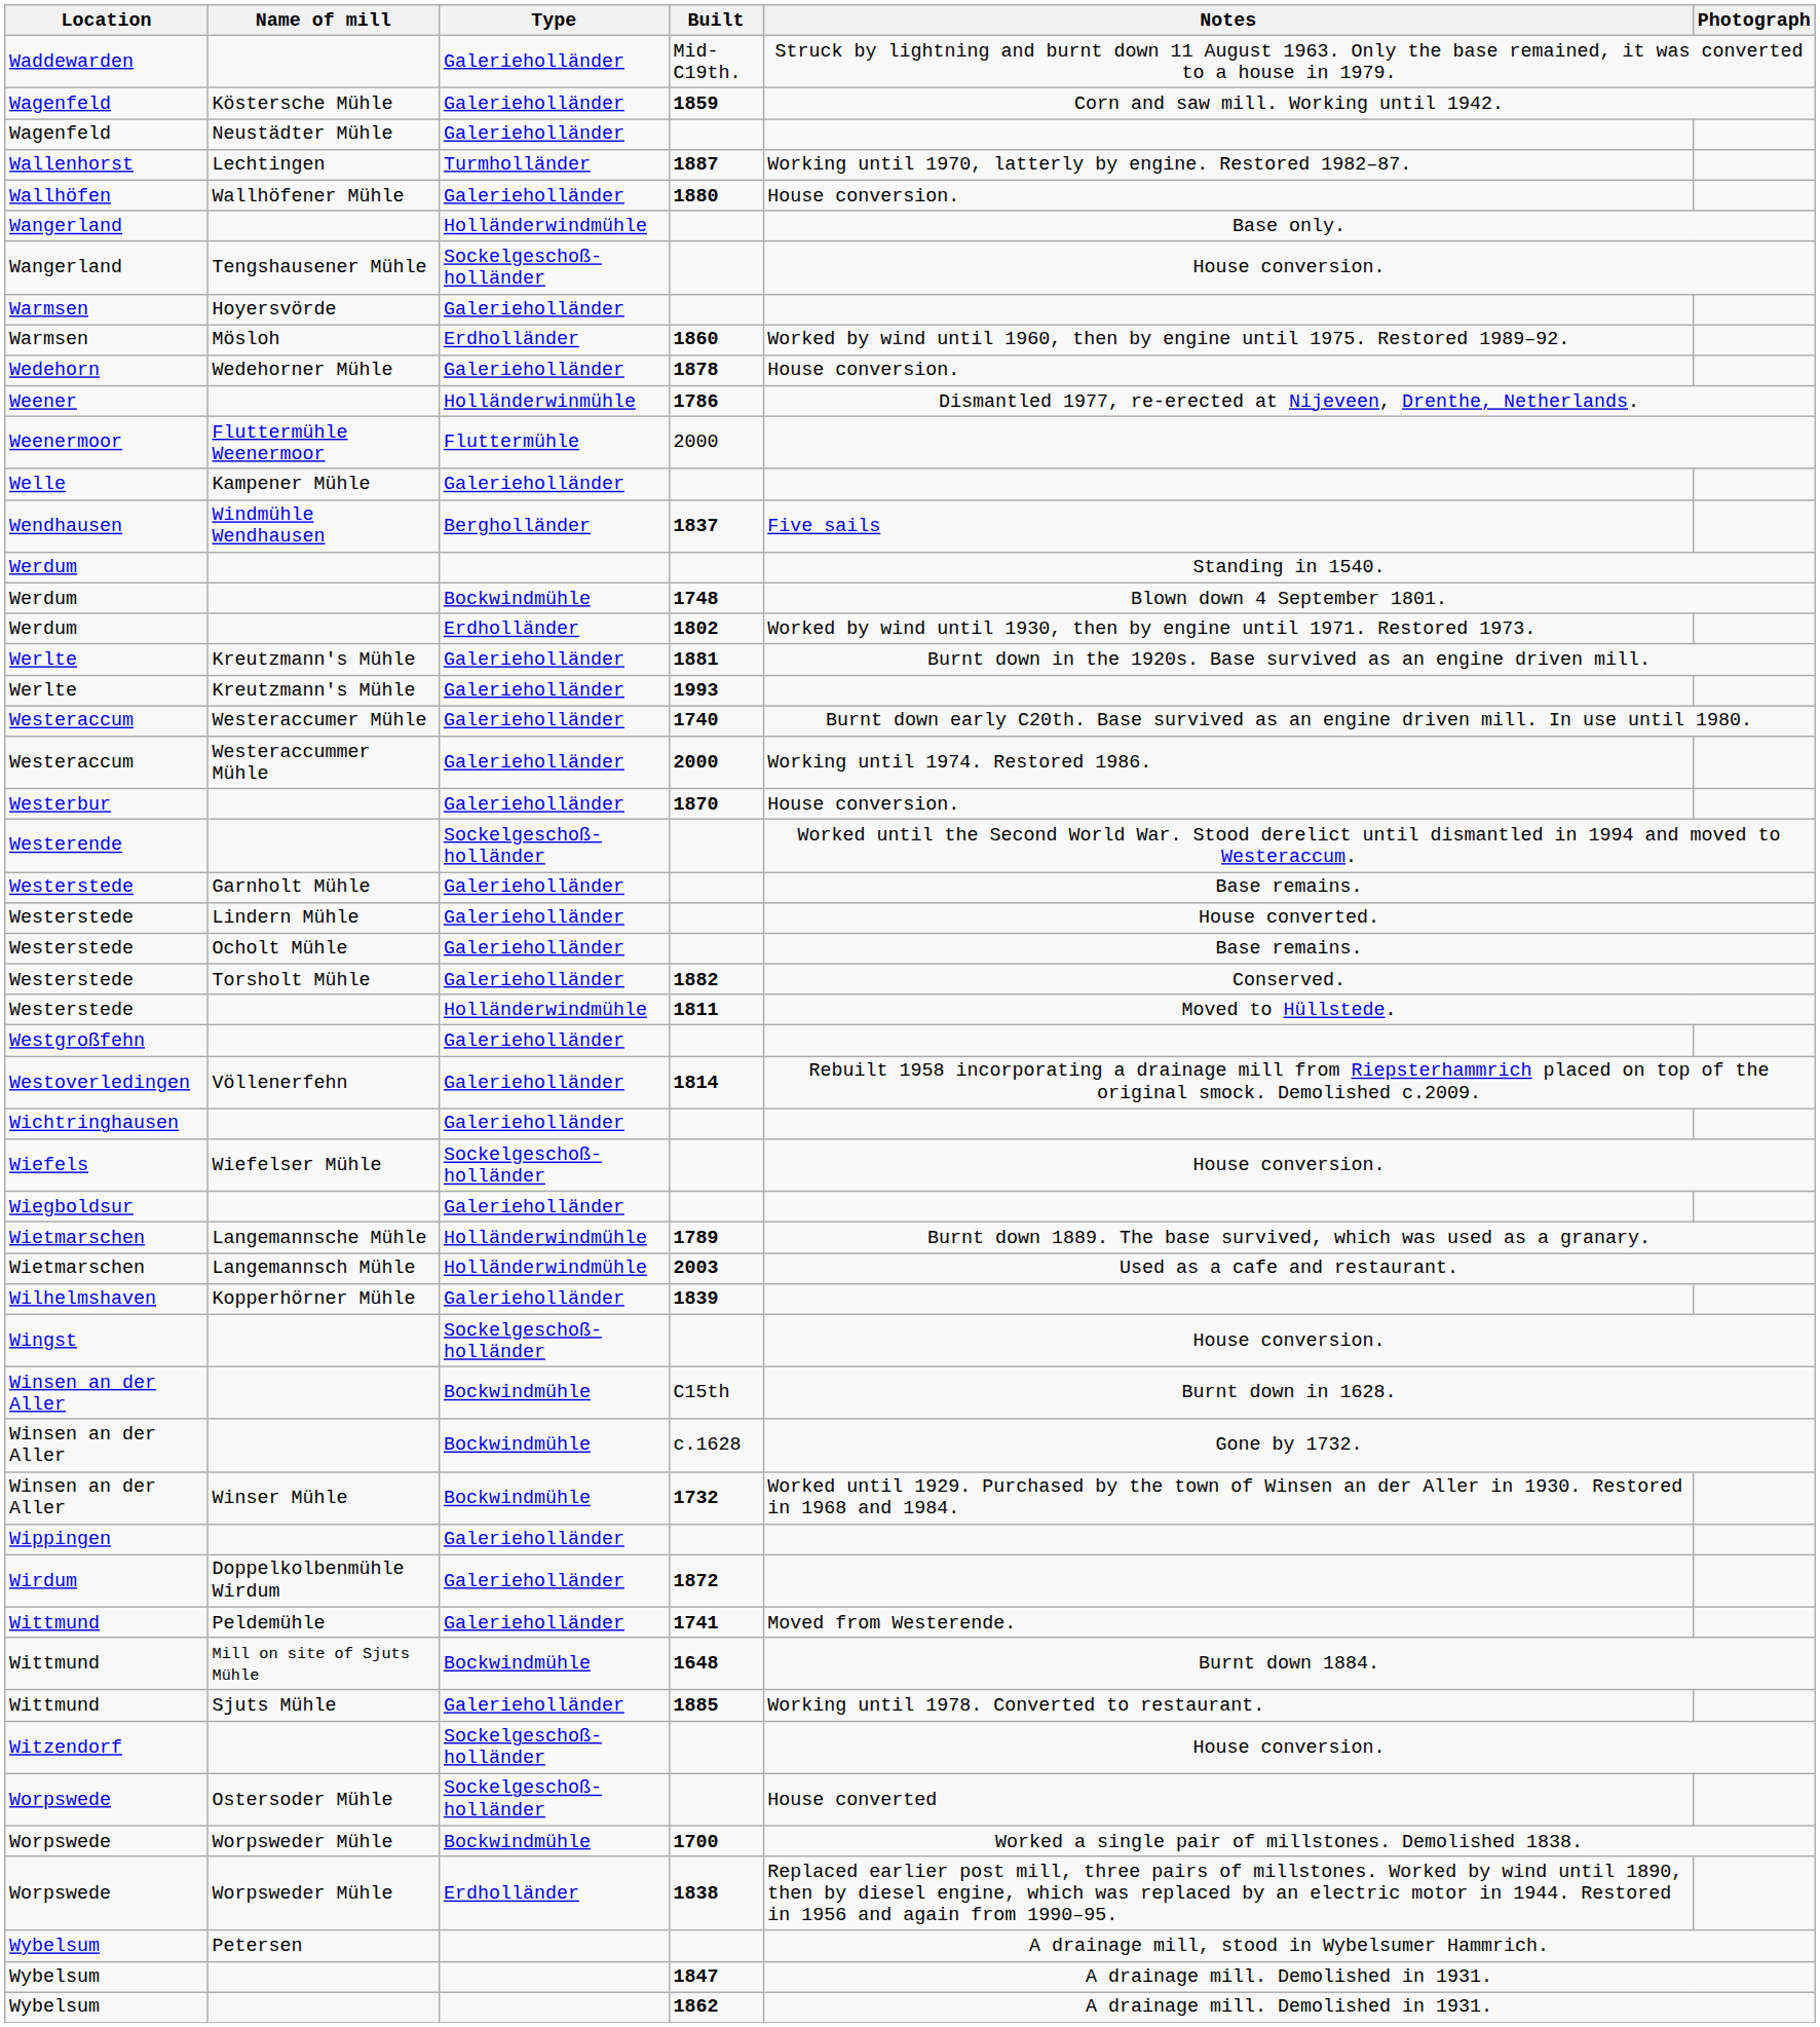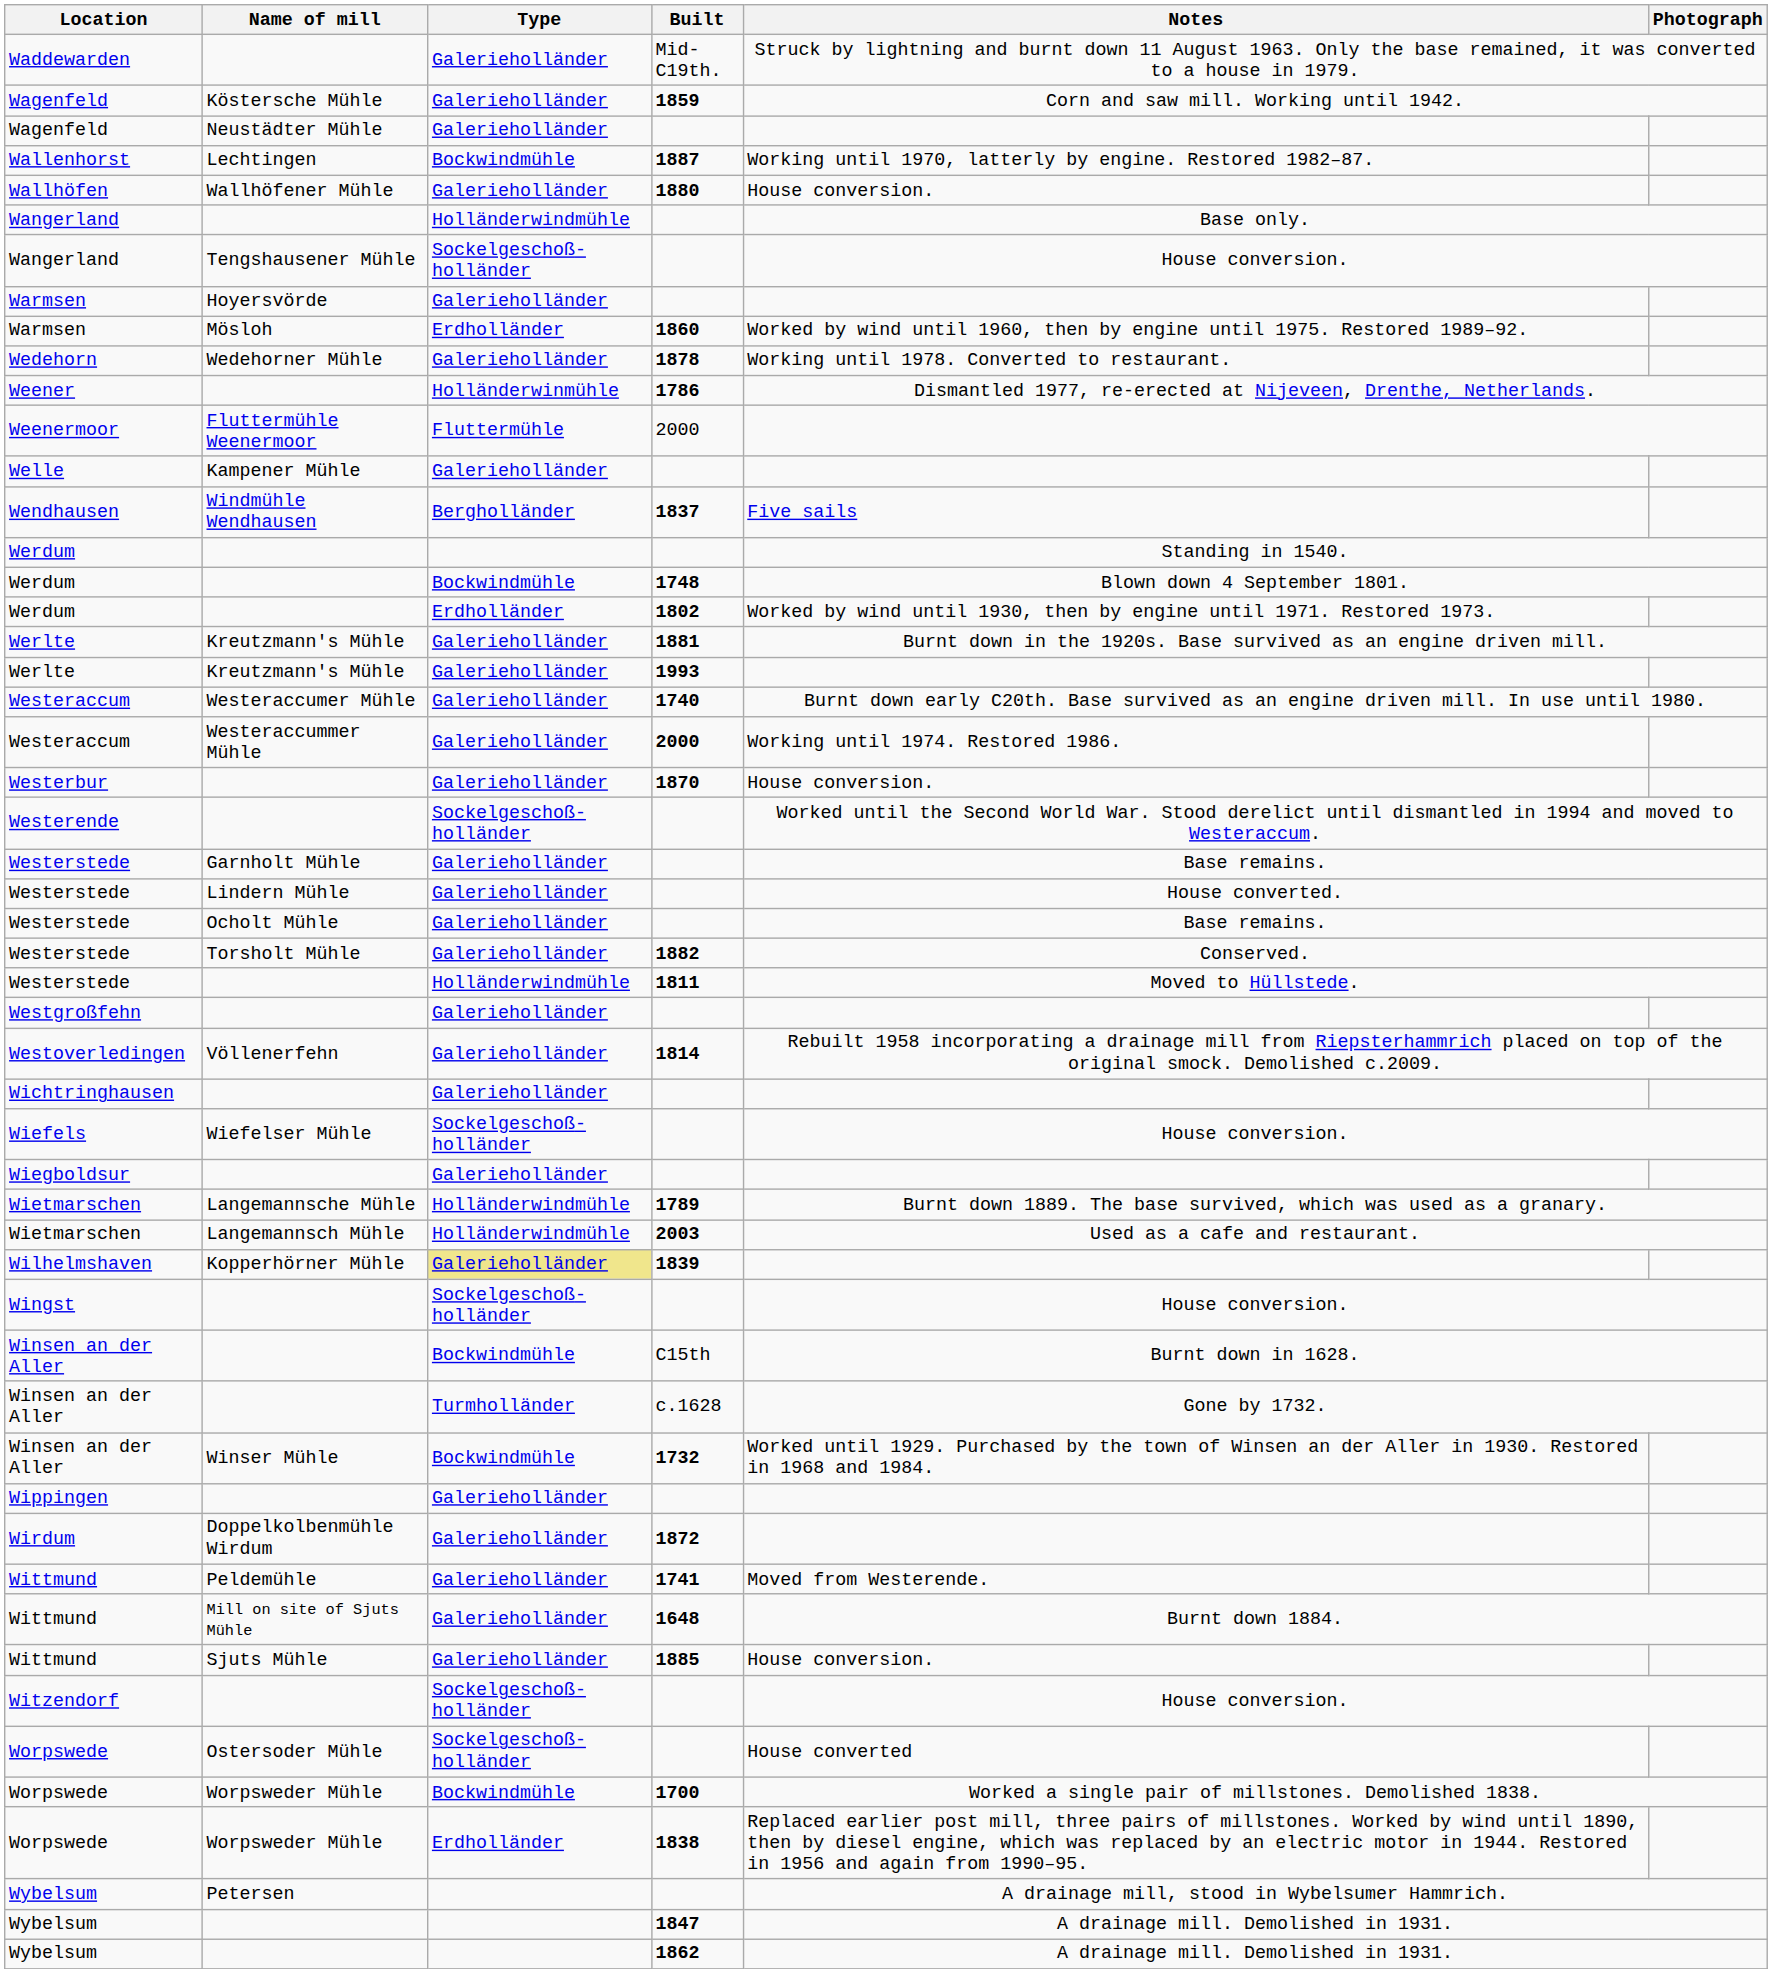 <table class="wikitable sortable">
 <tr>
 <th>Location</th>
 <th>Name of mill</th>
 <th>Type</th>
 <th>Built</th>
 <th class="unsortable">Notes</th>
 <th class="unsortable">Photograph</th>
 </tr>
 <tr>
 <td><a href='#'>Waddewarden</a></td>
 <td></td>
 <td><a href='#'>Galerieholländer</a></td>
 <td>Mid-C19th.</td>
 <td colspan="2" style="text-align:center;">Struck by lightning and burnt down 11 August 1963. Only the base remained, it was converted to a house in 1979.</td>
 </tr>
 <tr>
 <td><a href='#'>Wagenfeld</a></td>
 <td>Köstersche Mühle</td>
 <td><a href='#'>Galerieholländer</a></td>
 <td><strong>1859</strong></td>
 <td colspan="2" style="text-align:center;">Corn and saw mill. Working until 1942.</td>
 </tr>
 <tr>
 <td>Wagenfeld</td>
 <td>Neustädter Mühle</td>
 <td><a href='#'>Galerieholländer</a></td>
 <td></td>
 <td></td>
 <td></td>
 </tr>
 <tr>
 <td><a href='#'>Wallenhorst</a></td>
 <td>Lechtingen</td>
-<td><a href='#'>Turmholländer</a></td>
+<td><a href='#'>Bockwindmühle</a></td>
 <td><strong>1887</strong></td>
 <td>Working until 1970, latterly by engine. Restored 1982–87.</td>
 <td></td>
 </tr>
 <tr>
 <td><a href='#'>Wallhöfen</a></td>
 <td>Wallhöfener Mühle</td>
 <td><a href='#'>Galerieholländer</a></td>
 <td><strong>1880</strong></td>
 <td>House conversion.</td>
 <td></td>
 </tr>
 <tr>
 <td><a href='#'>Wangerland</a></td>
 <td></td>
 <td><a href='#'>Holländerwindmühle</a></td>
 <td></td>
 <td colspan="2" style="text-align:center;">Base only.</td>
 </tr>
 <tr>
 <td>Wangerland</td>
 <td>Tengshausener Mühle</td>
 <td><a href='#'>Sockelgeschoß­holländer</a></td>
 <td></td>
 <td colspan="2" style="text-align:center;">House conversion.</td>
 </tr>
 <tr>
 <td><a href='#'>Warmsen</a></td>
 <td>Hoyersvörde</td>
 <td><a href='#'>Galerieholländer</a></td>
 <td></td>
 <td></td>
 <td></td>
 </tr>
 <tr>
 <td>Warmsen</td>
 <td>Mösloh</td>
 <td><a href='#'>Erdholländer</a></td>
 <td><strong>1860</strong></td>
 <td>Worked by wind until 1960, then by engine until 1975. Restored 1989–92.</td>
 <td></td>
 </tr>
 <tr>
 <td><a href='#'>Wedehorn</a></td>
 <td>Wedehorner Mühle</td>
 <td><a href='#'>Galerieholländer</a></td>
 <td><strong>1878</strong></td>
-<td>House conversion.</td>
+<td>Working until 1978. Converted to restaurant.</td>
 <td></td>
 </tr>
 <tr>
 <td><a href='#'>Weener</a></td>
 <td></td>
 <td><a href='#'>Holländerwinmühle</a></td>
 <td><strong>1786</strong></td>
 <td colspan="2" style="text-align:center;">Dismantled 1977, re-erected at <a href='#'>Nijeveen</a>, <a href='#'>Drenthe, Netherlands</a>.</td>
 </tr>
 <tr>
 <td><a href='#'>Weenermoor</a></td>
 <td><a href='#'>Fluttermühle Weenermoor</a></td>
 <td><a href='#'>Fluttermühle</a></td>
 <td>2000</td>
 <td colspan="2" style="text-align:center;"></td>
 </tr>
 <tr>
 <td><a href='#'>Welle</a></td>
 <td>Kampener Mühle</td>
 <td><a href='#'>Galerieholländer</a></td>
 <td></td>
 <td></td>
 <td></td>
 </tr>
 <tr>
 <td><a href='#'>Wendhausen</a></td>
 <td><a href='#'>Windmühle Wendhausen</a></td>
 <td><a href='#'>Bergholländer</a></td>
 <td><strong>1837</strong></td>
 <td><a href='#'>Five sails</a></td>
 <td></td>
 </tr>
 <tr>
 <td><a href='#'>Werdum</a></td>
 <td></td>
 <td></td>
 <td></td>
 <td colspan="2" style="text-align:center;">Standing in 1540.</td>
 </tr>
 <tr>
 <td>Werdum</td>
 <td></td>
 <td><a href='#'>Bockwindmühle</a></td>
 <td><strong>1748</strong></td>
 <td colspan="2" style="text-align:center;">Blown down 4 September 1801.</td>
 </tr>
 <tr>
 <td>Werdum</td>
 <td></td>
 <td><a href='#'>Erdholländer</a></td>
 <td><strong>1802</strong></td>
 <td>Worked by wind until 1930, then by engine until 1971. Restored 1973.</td>
 <td></td>
 </tr>
 <tr>
 <td><a href='#'>Werlte</a></td>
 <td>Kreutzmann's Mühle</td>
 <td><a href='#'>Galerieholländer</a></td>
 <td><strong>1881</strong></td>
 <td colspan="2" style="text-align:center;">Burnt down in the 1920s. Base survived as an engine driven mill.</td>
 </tr>
 <tr>
 <td>Werlte</td>
 <td>Kreutzmann's Mühle</td>
 <td><a href='#'>Galerieholländer</a></td>
 <td><strong>1993</strong></td>
 <td></td>
 <td></td>
 </tr>
 <tr>
 <td><a href='#'>Westeraccum</a></td>
 <td>Westeraccumer Mühle</td>
 <td><a href='#'>Galerieholländer</a></td>
 <td><strong>1740</strong></td>
 <td colspan="2" style="text-align:center;">Burnt down early C20th. Base survived as an engine driven mill. In use until 1980.</td>
 </tr>
 <tr>
 <td>Westeraccum</td>
 <td>Westeraccummer Mühle</td>
 <td><a href='#'>Galerieholländer</a></td>
 <td><strong>2000</strong></td>
 <td>Working until 1974. Restored 1986.</td>
 <td></td>
 </tr>
 <tr>
 <td><a href='#'>Westerbur</a></td>
 <td></td>
 <td><a href='#'>Galerieholländer</a></td>
 <td><strong>1870</strong></td>
 <td>House conversion.</td>
 <td></td>
 </tr>
 <tr>
 <td><a href='#'>Westerende</a></td>
 <td></td>
 <td><a href='#'>Sockelgeschoß­holländer</a></td>
 <td></td>
 <td colspan="2" style="text-align:center;">Worked until the Second World War. Stood derelict until dismantled in 1994 and moved to <a href='#'>Westeraccum</a>.</td>
 </tr>
 <tr>
 <td><a href='#'>Westerstede</a></td>
 <td>Garnholt Mühle</td>
 <td><a href='#'>Galerieholländer</a></td>
 <td></td>
 <td colspan="2" style="text-align:center;">Base remains.</td>
 </tr>
 <tr>
 <td>Westerstede</td>
 <td>Lindern Mühle</td>
 <td><a href='#'>Galerieholländer</a></td>
 <td></td>
 <td colspan="2" style="text-align:center;">House converted.</td>
 </tr>
 <tr>
 <td>Westerstede</td>
 <td>Ocholt Mühle</td>
 <td><a href='#'>Galerieholländer</a></td>
 <td></td>
 <td colspan="2" style="text-align:center;">Base remains.</td>
 </tr>
 <tr>
 <td>Westerstede</td>
 <td>Torsholt Mühle</td>
 <td><a href='#'>Galerieholländer</a></td>
 <td><strong>1882</strong></td>
 <td colspan="2" style="text-align:center;">Conserved.</td>
 </tr>
 <tr>
 <td>Westerstede</td>
 <td></td>
 <td><a href='#'>Holländerwindmühle</a></td>
 <td><strong>1811</strong></td>
 <td colspan="2" style="text-align:center;">Moved to <a href='#'>Hüllstede</a>.</td>
 </tr>
 <tr>
 <td><a href='#'>Westgroßfehn</a></td>
 <td></td>
 <td><a href='#'>Galerieholländer</a></td>
 <td></td>
 <td></td>
 <td></td>
 </tr>
 <tr>
 <td><a href='#'>Westoverledingen</a></td>
 <td>Völlenerfehn</td>
 <td><a href='#'>Galerieholländer</a></td>
 <td><strong>1814</strong></td>
 <td colspan="2" style="text-align:center;">Rebuilt 1958 incorporating a drainage mill from <a href='#'>Riepsterhammrich</a> placed on top of the original smock. Demolished c.2009.</td>
 </tr>
 <tr>
 <td><a href='#'>Wichtringhausen</a></td>
 <td></td>
 <td><a href='#'>Galerieholländer</a></td>
 <td></td>
 <td></td>
 <td></td>
 </tr>
 <tr>
 <td><a href='#'>Wiefels</a></td>
 <td>Wiefelser Mühle</td>
 <td><a href='#'>Sockelgeschoß­holländer</a></td>
 <td></td>
 <td colspan="2" style="text-align:center;">House conversion.</td>
 </tr>
 <tr>
 <td><a href='#'>Wiegboldsur</a></td>
 <td></td>
 <td><a href='#'>Galerieholländer</a></td>
 <td></td>
 <td></td>
 <td></td>
 </tr>
 <tr>
 <td><a href='#'>Wietmarschen</a></td>
 <td>Langemannsche Mühle</td>
 <td><a href='#'>Holländerwindmühle</a></td>
 <td><strong>1789</strong></td>
 <td colspan="2" style="text-align:center;">Burnt down 1889. The base survived, which was used as a granary.</td>
 </tr>
 <tr>
 <td>Wietmarschen</td>
 <td>Langemannsch Mühle</td>
 <td><a href='#'>Holländerwindmühle</a></td>
 <td><strong>2003</strong></td>
 <td colspan="2" style="text-align:center;">Used as a cafe and restaurant.</td>
 </tr>
 <tr>
 <td><a href='#'>Wilhelmshaven</a></td>
 <td>Kopperhörner Mühle</td>
-<td><a href='#'>Galerieholländer</a></td>
+<td style="background: khaki;"><a href='#'>Galerieholländer</a></td>
 <td><strong>1839</strong></td>
 <td></td>
 <td></td>
 </tr>
 <tr>
 <td><a href='#'>Wingst</a></td>
 <td></td>
 <td><a href='#'>Sockelgeschoß­holländer</a></td>
 <td></td>
 <td colspan="2" style="text-align:center;">House conversion.</td>
 </tr>
 <tr>
 <td><a href='#'>Winsen an der Aller</a></td>
 <td></td>
 <td><a href='#'>Bockwindmühle</a></td>
 <td>C15th</td>
 <td colspan="2" style="text-align:center;">Burnt down in 1628.</td>
 </tr>
 <tr>
 <td>Winsen an der Aller</td>
 <td></td>
-<td><a href='#'>Bockwindmühle</a></td>
+<td><a href='#'>Turmholländer</a></td>
 <td>c.1628</td>
 <td colspan="2" style="text-align:center;">Gone by 1732.</td>
 </tr>
 <tr>
 <td>Winsen an der Aller</td>
 <td>Winser Mühle</td>
 <td><a href='#'>Bockwindmühle</a></td>
 <td><strong>1732</strong></td>
 <td>Worked until 1929. Purchased by the town of Winsen an der Aller in 1930. Restored in 1968 and 1984.</td>
 <td></td>
 </tr>
 <tr>
 <td><a href='#'>Wippingen</a></td>
 <td></td>
 <td><a href='#'>Galerieholländer</a></td>
 <td></td>
 <td></td>
 <td></td>
 </tr>
 <tr>
 <td><a href='#'>Wirdum</a></td>
 <td>Doppelkolbenmühle Wirdum</td>
 <td><a href='#'>Galerieholländer</a></td>
 <td><strong>1872</strong></td>
 <td></td>
 <td></td>
 </tr>
 <tr>
 <td><a href='#'>Wittmund</a></td>
 <td>Peldemühle</td>
 <td><a href='#'>Galerieholländer</a></td>
 <td><strong>1741</strong></td>
 <td>Moved from Westerende.</td>
 <td></td>
 </tr>
 <tr>
 <td>Wittmund</td>
 <td><small>Mill on site of Sjuts Mühle</small></td>
-<td><a href='#'>Bockwindmühle</a></td>
+<td><a href='#'>Galerieholländer</a></td>
 <td><strong>1648</strong></td>
 <td colspan="2" style="text-align:center;">Burnt down 1884.</td>
 </tr>
 <tr>
 <td>Wittmund</td>
 <td>Sjuts Mühle</td>
 <td><a href='#'>Galerieholländer</a></td>
 <td><strong>1885</strong></td>
-<td>Working until 1978. Converted to restaurant.</td>
+<td>House conversion.</td>
 <td></td>
 </tr>
 <tr>
 <td><a href='#'>Witzendorf</a></td>
 <td></td>
 <td><a href='#'>Sockelgeschoß­holländer</a></td>
 <td></td>
 <td colspan="2" style="text-align:center;">House conversion.</td>
 </tr>
 <tr>
 <td><a href='#'>Worpswede</a></td>
 <td>Ostersoder Mühle</td>
 <td><a href='#'>Sockelgeschoß­holländer</a></td>
 <td></td>
 <td>House converted</td>
 <td></td>
 </tr>
 <tr>
 <td>Worpswede</td>
 <td>Worpsweder Mühle</td>
 <td><a href='#'>Bockwindmühle</a></td>
 <td><strong>1700</strong></td>
 <td colspan="2" style="text-align:center;">Worked a single pair of millstones. Demolished 1838.</td>
 </tr>
 <tr>
 <td>Worpswede</td>
 <td>Worpsweder Mühle</td>
 <td><a href='#'>Erdholländer</a></td>
 <td><strong>1838</strong></td>
 <td>Replaced earlier post mill, three pairs of millstones. Worked by wind until 1890, then by diesel engine, which was replaced by an electric motor in 1944. Restored in 1956 and again from 1990–95.</td>
 <td></td>
 </tr>
 <tr>
 <td><a href='#'>Wybelsum</a></td>
 <td>Petersen</td>
 <td></td>
 <td></td>
 <td colspan="2" style="text-align:center;">A drainage mill, stood in Wybelsumer Hammrich.</td>
 </tr>
 <tr>
 <td>Wybelsum</td>
 <td></td>
 <td></td>
 <td><strong>1847</strong></td>
 <td colspan="2" style="text-align:center;">A drainage mill. Demolished in 1931.</td>
 </tr>
 <tr>
 <td>Wybelsum</td>
 <td></td>
 <td></td>
 <td><strong>1862</strong></td>
 <td colspan="2" style="text-align:center;">A drainage mill. Demolished in 1931.</td>
 </tr>
 </table>
